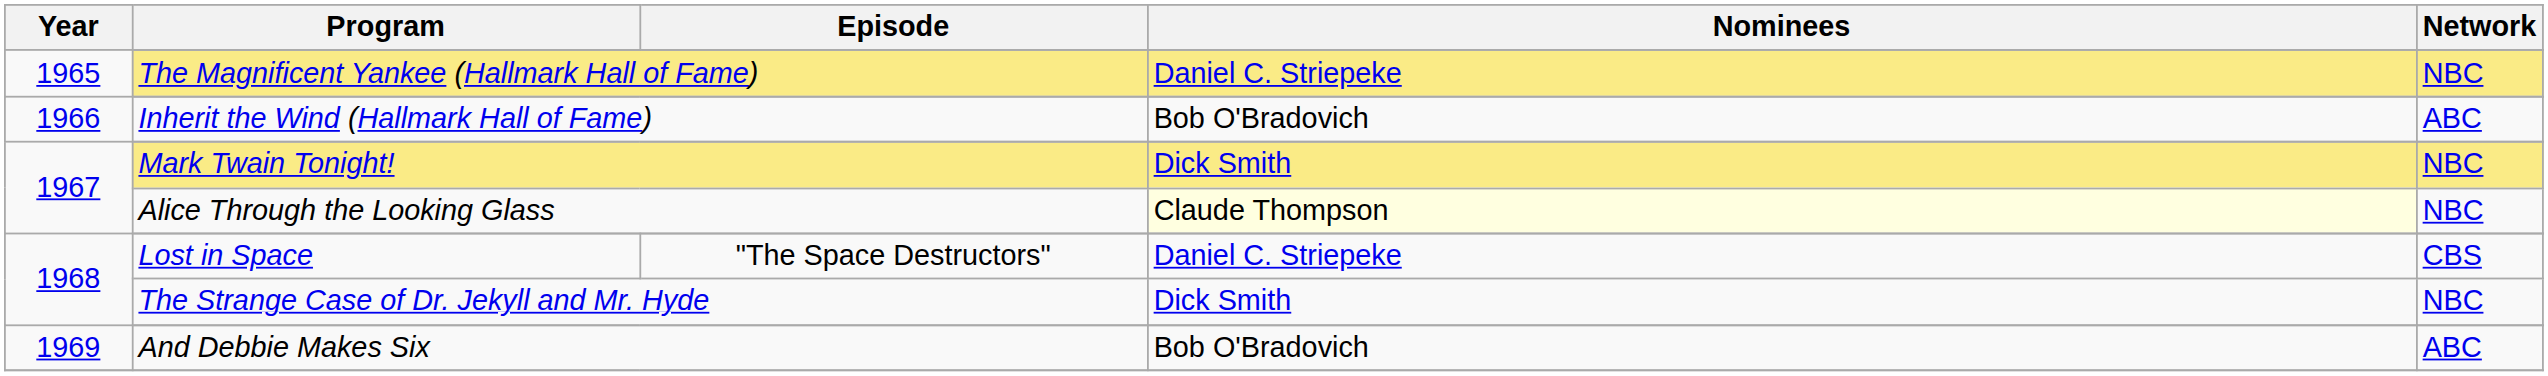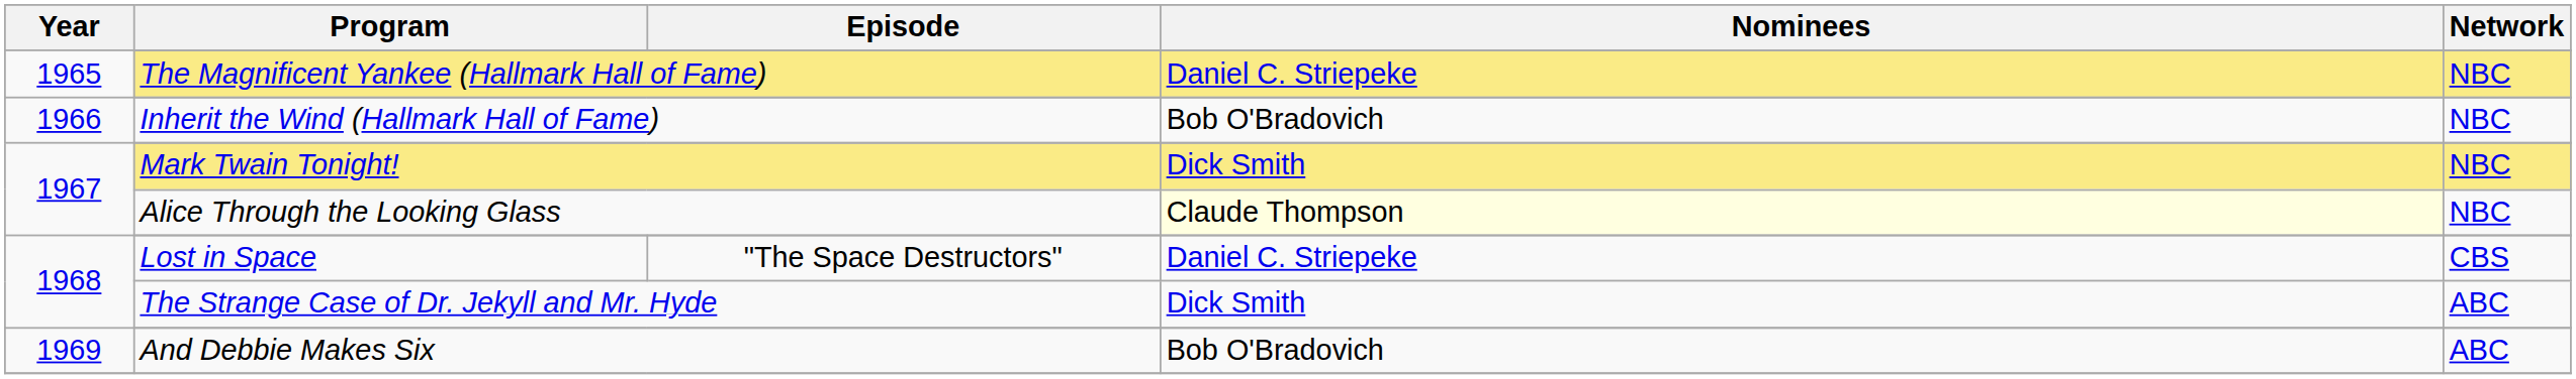 <table class="wikitable">
 <tr>
 <th width="5%">Year</th>
 <th width="20%">Program</th>
 <th width="20%">Episode</th>
 <th width="50%">Nominees</th>
 <th width="5%">Network</th>
 </tr>
 <tr>
 <td rowspan="2" style="text-align:center;"><a href='#'>1965</a></td>
 </tr>
 <tr style="background:#FAEB86;">
 <td colspan=2><em><a href='#'>The Magnificent Yankee</a> (<a href='#'>Hallmark Hall of Fame</a>)</em></td>
 <td><a href='#'>Daniel C. Striepeke</a></td>
 <td><a href='#'>NBC</a></td>
 </tr>
 <tr>
 <td rowspan="2" style="text-align:center;"><a href='#'>1966</a></td>
 </tr>
 <tr>
 <td colspan=2><em><a href='#'>Inherit the Wind</a> (<a href='#'>Hallmark Hall of Fame</a>)</em></td>
 <td>Bob O'Bradovich</td>
-<td><a href='#'>ABC</a></td>
+<td><a href='#'>NBC</a></td>
 </tr>
 <tr>
 <td rowspan="3" style="text-align:center;"><a href='#'>1967</a><br></td>
 </tr>
 <tr style="background:#FAEB86;">
 <td colspan=2><em><a href='#'>Mark Twain Tonight!</a></em></td>
 <td><a href='#'>Dick Smith</a></td>
 <td><a href='#'>NBC</a></td>
 </tr>
 <tr>
 <td colspan=2><em>Alice Through the Looking Glass</em></td>
 <td style="background: lightyellow;">Claude Thompson</td>
 <td><a href='#'>NBC</a></td>
 </tr>
 <tr>
 <td rowspan="3" style="text-align:center;"><a href='#'>1968</a></td>
 </tr>
 <tr>
 <td><em><a href='#'>Lost in Space</a></em></td>
 <td align=center>"The Space Destructors"</td>
 <td><a href='#'>Daniel C. Striepeke</a></td>
 <td><a href='#'>CBS</a></td>
 </tr>
 <tr>
 <td colspan=2><em><a href='#'>The Strange Case of Dr. Jekyll and Mr. Hyde</a></em></td>
 <td><a href='#'>Dick Smith</a></td>
-<td><a href='#'>NBC</a></td>
+<td><a href='#'>ABC</a></td>
 </tr>
 <tr>
 <td rowspan="2" style="text-align:center;"><a href='#'>1969</a></td>
 </tr>
 <tr>
 <td colspan=2><em>And Debbie Makes Six</em></td>
 <td>Bob O'Bradovich</td>
 <td><a href='#'>ABC</a></td>
 </tr>
 <tr>
 </tr>
 </table>
